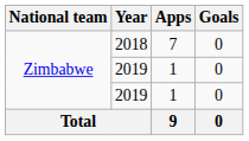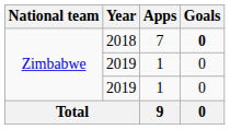 <table class="wikitable" style="text-align:center">
 <tr>
 <th>National team</th>
 <th>Year</th>
 <th>Apps</th>
 <th>Goals</th>
 </tr>
 <tr>
 <td rowspan="3"><a href='#'>Zimbabwe</a></td>
 <td>2018</td>
 <td>7</td>
-<td>0</td>
+<td><strong>0</strong></td>
 </tr>
 <tr>
 <td>2019</td>
 <td>1</td>
 <td>0</td>
 </tr>
 <tr>
 <td>2019</td>
 <td>1</td>
 <td>0</td>
 </tr>
 <tr>
 <th colspan=2>Total</th>
 <th>9</th>
 <th>0</th>
 </tr>
 </table>
